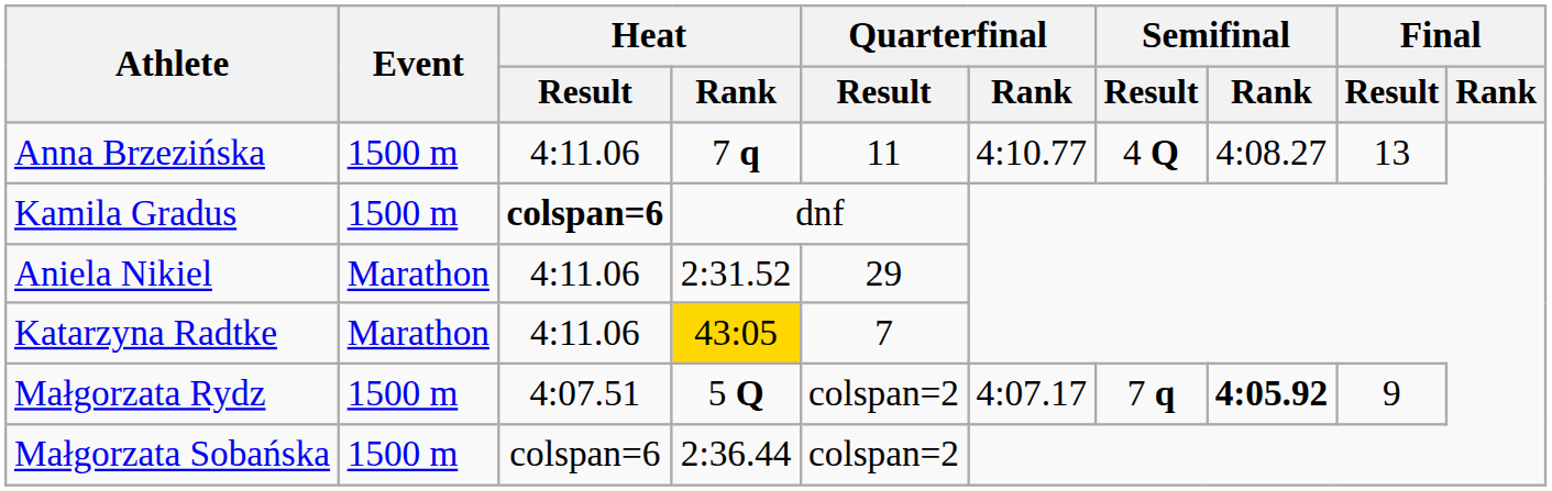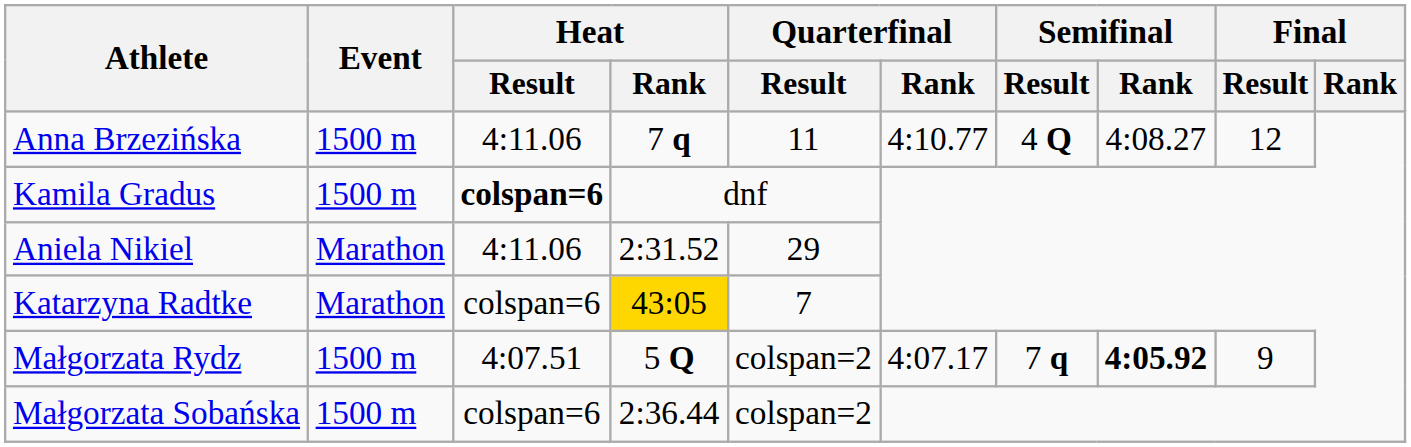 <table class=wikitable style="font-size:90%">
 <tr>
 <th rowspan="2">Athlete</th>
 <th rowspan="2">Event</th>
 <th colspan="2">Heat</th>
 <th colspan="2">Quarterfinal</th>
 <th colspan="2">Semifinal</th>
 <th colspan="2">Final</th>
 </tr>
 <tr style="font-size:95%">
 <th>Result</th>
 <th>Rank</th>
 <th>Result</th>
 <th>Rank</th>
 <th>Result</th>
 <th>Rank</th>
 <th>Result</th>
 <th>Rank</th>
 </tr>
 <tr align=center>
 <td align=left><a href='#'>Anna Brzezińska</a></td>
 <td align=left><a href='#'>1500 m</a></td>
 <td>4:11.06</td>
 <td>7 <strong>q</strong></td>
 <td>11</td>
 <td>4:10.77</td>
 <td>4 <strong>Q</strong></td>
 <td>4:08.27</td>
-<td>13</td>
+<td>12</td>
 </tr>
 <tr align=center>
 <td align=left><a href='#'>Kamila Gradus</a></td>
 <td align=left><a href='#'>1500 m</a></td>
 <td><strong>colspan=6 </strong></td>
 <td colspan=2>dnf</td>
 </tr>
 <tr align=center>
 <td align=left><a href='#'>Aniela Nikiel</a></td>
 <td align=left><a href='#'>Marathon</a></td>
 <td>4:11.06</td>
 <td>2:31.52</td>
 <td>29</td>
 </tr>
 <tr align=center>
 <td align=left><a href='#'>Katarzyna Radtke</a></td>
 <td align=left><a href='#'>Marathon</a></td>
-<td>4:11.06</td>
+<td>colspan=6 </td>
 <td style="background: gold;">43:05</td>
 <td>7</td>
 </tr>
 <tr align=center>
 <td align=left><a href='#'>Małgorzata Rydz</a></td>
 <td align=left><a href='#'>1500 m</a></td>
 <td>4:07.51</td>
 <td>5 <strong>Q</strong></td>
 <td>colspan=2 </td>
 <td>4:07.17</td>
 <td>7 <strong>q</strong></td>
 <td><strong>4:05.92</strong></td>
 <td>9</td>
 </tr>
 <tr align=center>
 <td align=left><a href='#'>Małgorzata Sobańska</a></td>
 <td align=left><a href='#'>1500 m</a></td>
 <td>colspan=6 </td>
 <td>2:36.44</td>
 <td>colspan=2 </td>
 </tr>
 </table>
